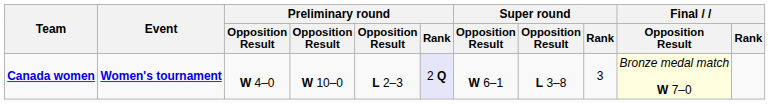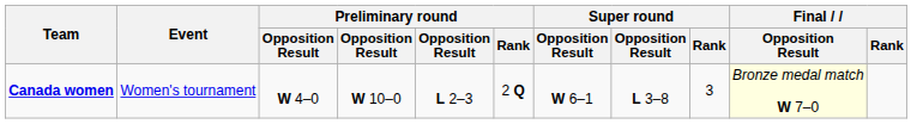 <table class="wikitable" style="font-size:90%;text-align:center">
 <tr>
 <th rowspan=2>Team</th>
 <th rowspan=2>Event</th>
 <th colspan=4>Preliminary round</th>
 <th colspan=3>Super round</th>
 <th colspan=2>Final /  / </th>
 </tr>
 <tr style=font-size:95%>
 <th>Opposition<br>Result</th>
 <th>Opposition<br>Result</th>
 <th>Opposition<br>Result</th>
 <th>Rank</th>
 <th>Opposition<br>Result</th>
 <th>Opposition<br>Result</th>
 <th>Rank</th>
 <th>Opposition<br>Result</th>
 <th>Rank</th>
 </tr>
 <tr>
 <td style="text-align:left"><strong><a href='#'>Canada women</a></strong></td>
-<td style="text-align:left"><strong><a href='#'>Women's tournament</a></strong></td>
+<td style="text-align:left"><a href='#'>Women's tournament</a></td>
 <td><br><strong>W</strong> 4–0</td>
 <td><br><strong>W</strong> 10–0</td>
 <td><br><strong>L</strong> 2–3</td>
-<td style="background: lavender;">2 <strong>Q</strong></td>
+<td>2 <strong>Q</strong></td>
 <td><br><strong>W</strong> 6–1</td>
 <td><br><strong>L</strong> 3–8</td>
 <td>3</td>
 <td style="background: lightyellow;"><em>Bronze medal match</em><br><br><strong>W</strong> 7–0</td>
 <td></td>
 </tr>
 </table>
